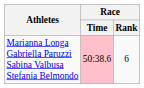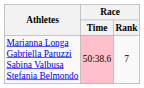 <table class="wikitable" border="1" style="font-size:90%">
 <tr>
 <th rowspan=2>Athletes</th>
 <th colspan=2>Race</th>
 </tr>
 <tr>
 <th>Time</th>
 <th>Rank</th>
 </tr>
 <tr>
 <td><a href='#'>Marianna Longa</a><br><a href='#'>Gabriella Paruzzi</a><br><a href='#'>Sabina Valbusa</a><br><a href='#'>Stefania Belmondo</a></td>
 <td align=center style="background: pink;">50:38.6</td>
-<td align=center>6</td>
+<td align=center>7</td>
 </tr>
 </table>
